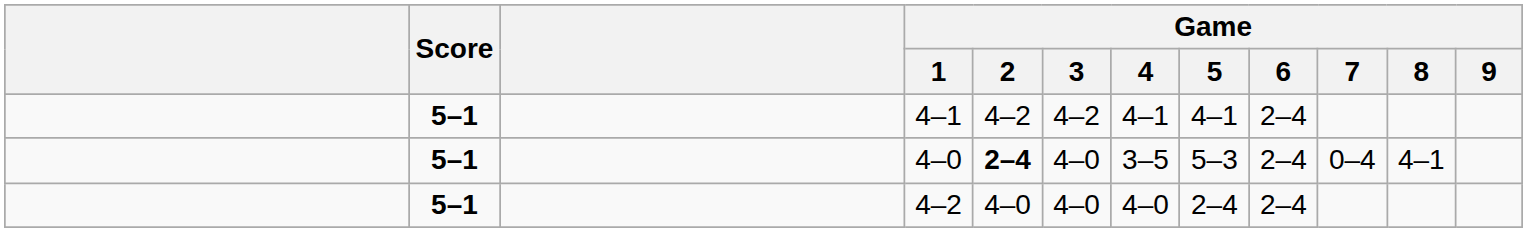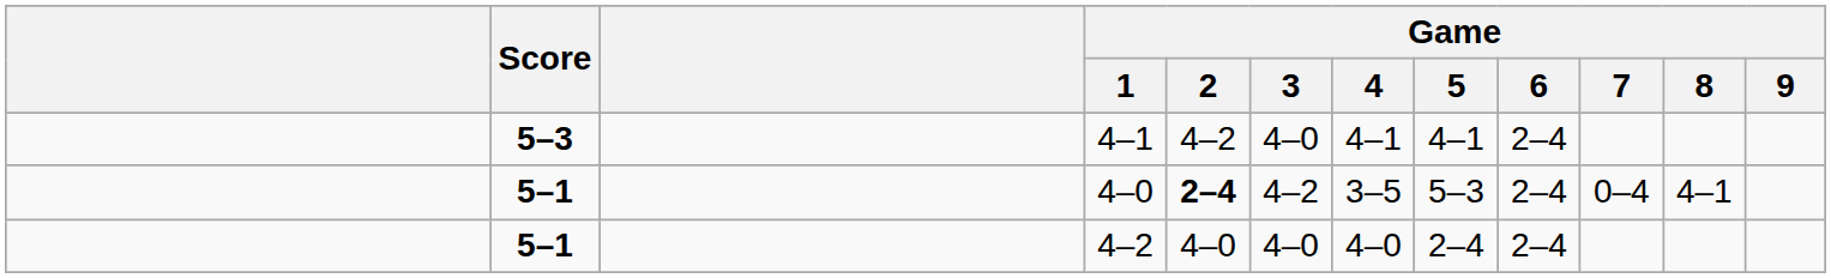 <table class="wikitable" style="text-align: center;">
 <tr>
 <th rowspan=2 align="right" width="270"></th>
 <th rowspan=2 width="45">Score</th>
 <th rowspan=2 align="left" width="270"></th>
 <th colspan=9>Game</th>
 </tr>
 <tr>
 <th width="35">1</th>
 <th width="35">2</th>
 <th width="35">3</th>
 <th width="35">4</th>
 <th width="35">5</th>
 <th width="35">6</th>
 <th width="35">7</th>
 <th width="35">8</th>
 <th width="35">9</th>
 </tr>
 <tr>
 <td align=left><strong><br></strong></td>
-<td align=center><strong>5–1</strong></td>
+<td align=center><strong>5–3</strong></td>
 <td align=left><br></td>
 <td>4–1</td>
 <td>4–2</td>
-<td>4–2</td>
+<td>4–0</td>
 <td>4–1</td>
 <td>4–1</td>
 <td>2–4</td>
 <td></td>
 <td></td>
 <td></td>
 </tr>
 <tr>
 <td align=left><strong><br></strong></td>
 <td align=center><strong>5–1</strong></td>
 <td align=left><br></td>
 <td>4–0</td>
 <td><strong>2–4</strong></td>
-<td>4–0</td>
+<td>4–2</td>
 <td>3–5</td>
 <td>5–3</td>
 <td>2–4</td>
 <td>0–4</td>
 <td>4–1</td>
 <td></td>
 </tr>
 <tr>
 <td align=left><strong><br></strong></td>
 <td align=center><strong>5–1</strong></td>
 <td align=left><br></td>
 <td>4–2</td>
 <td>4–0</td>
 <td>4–0</td>
 <td>4–0</td>
 <td>2–4</td>
 <td>2–4</td>
 <td></td>
 <td></td>
 <td></td>
 </tr>
 </table>
